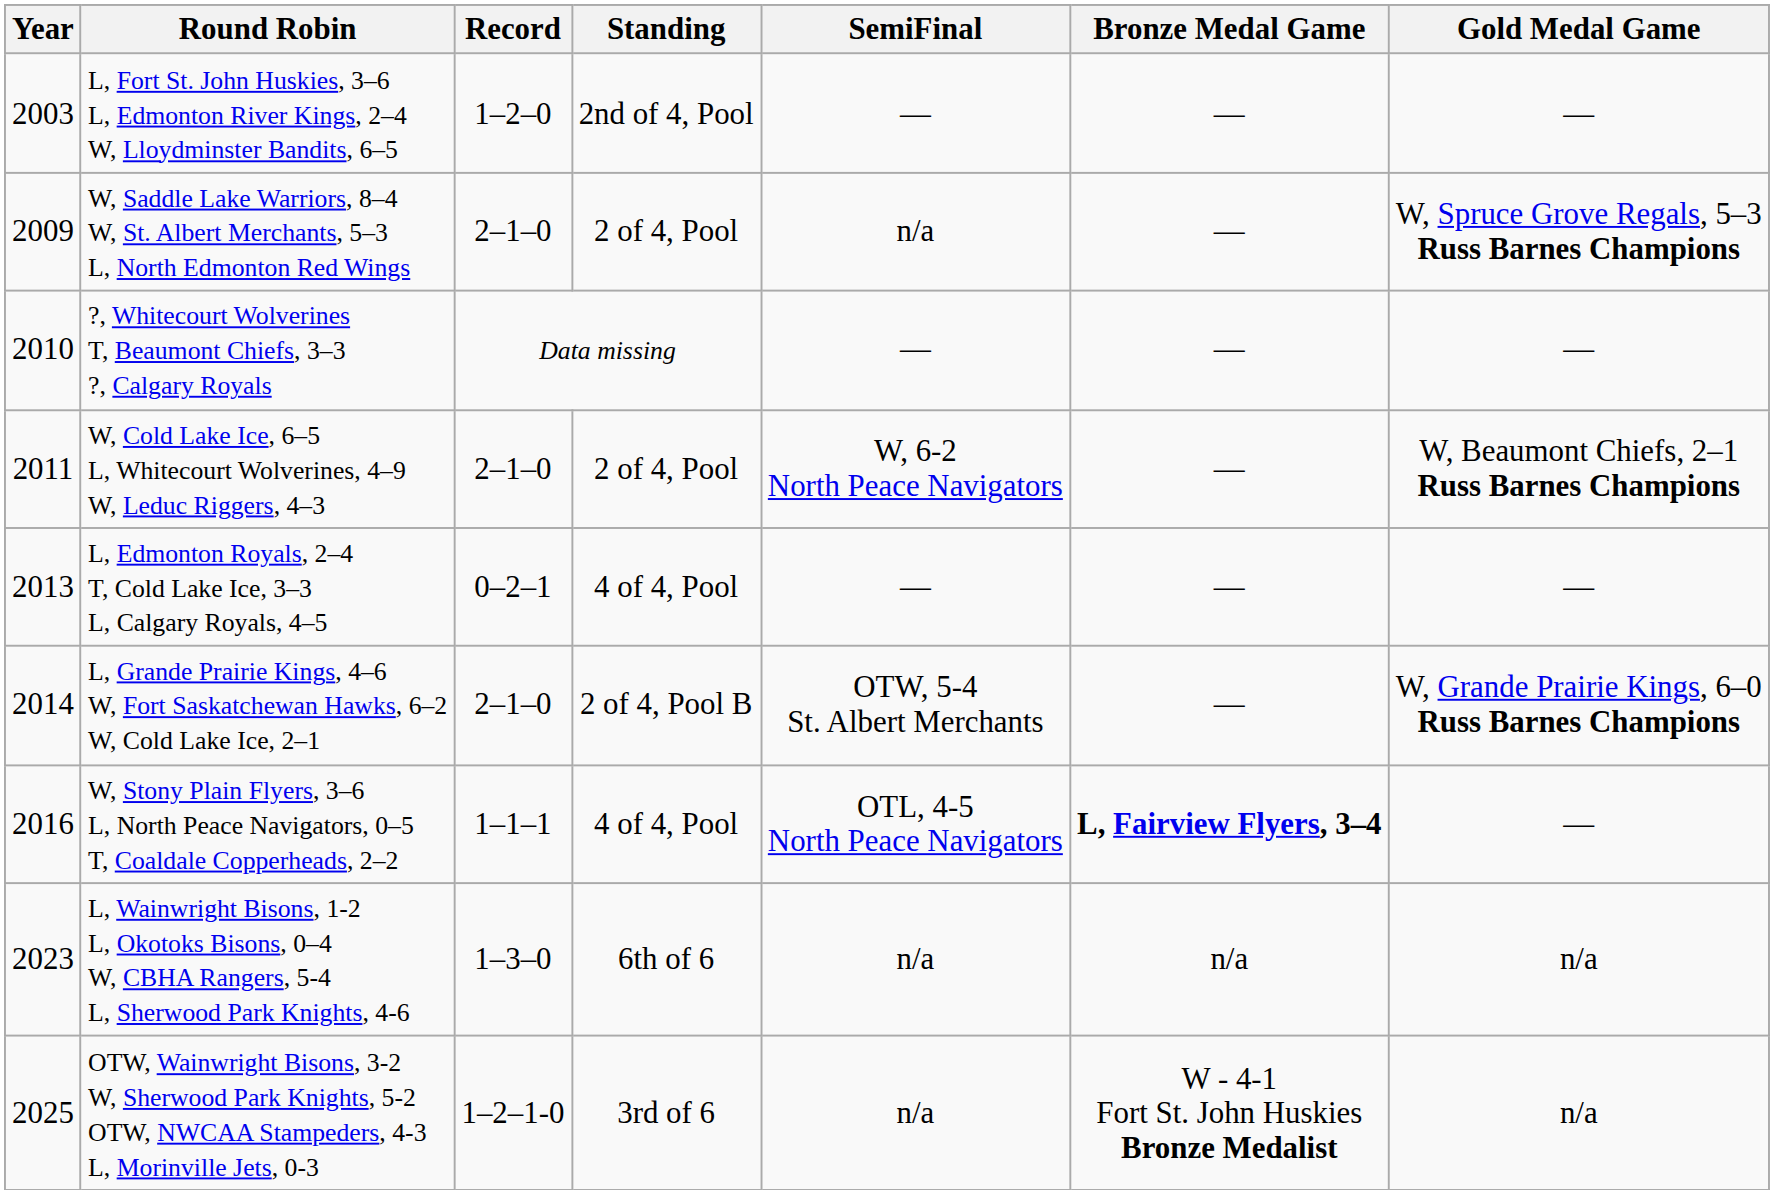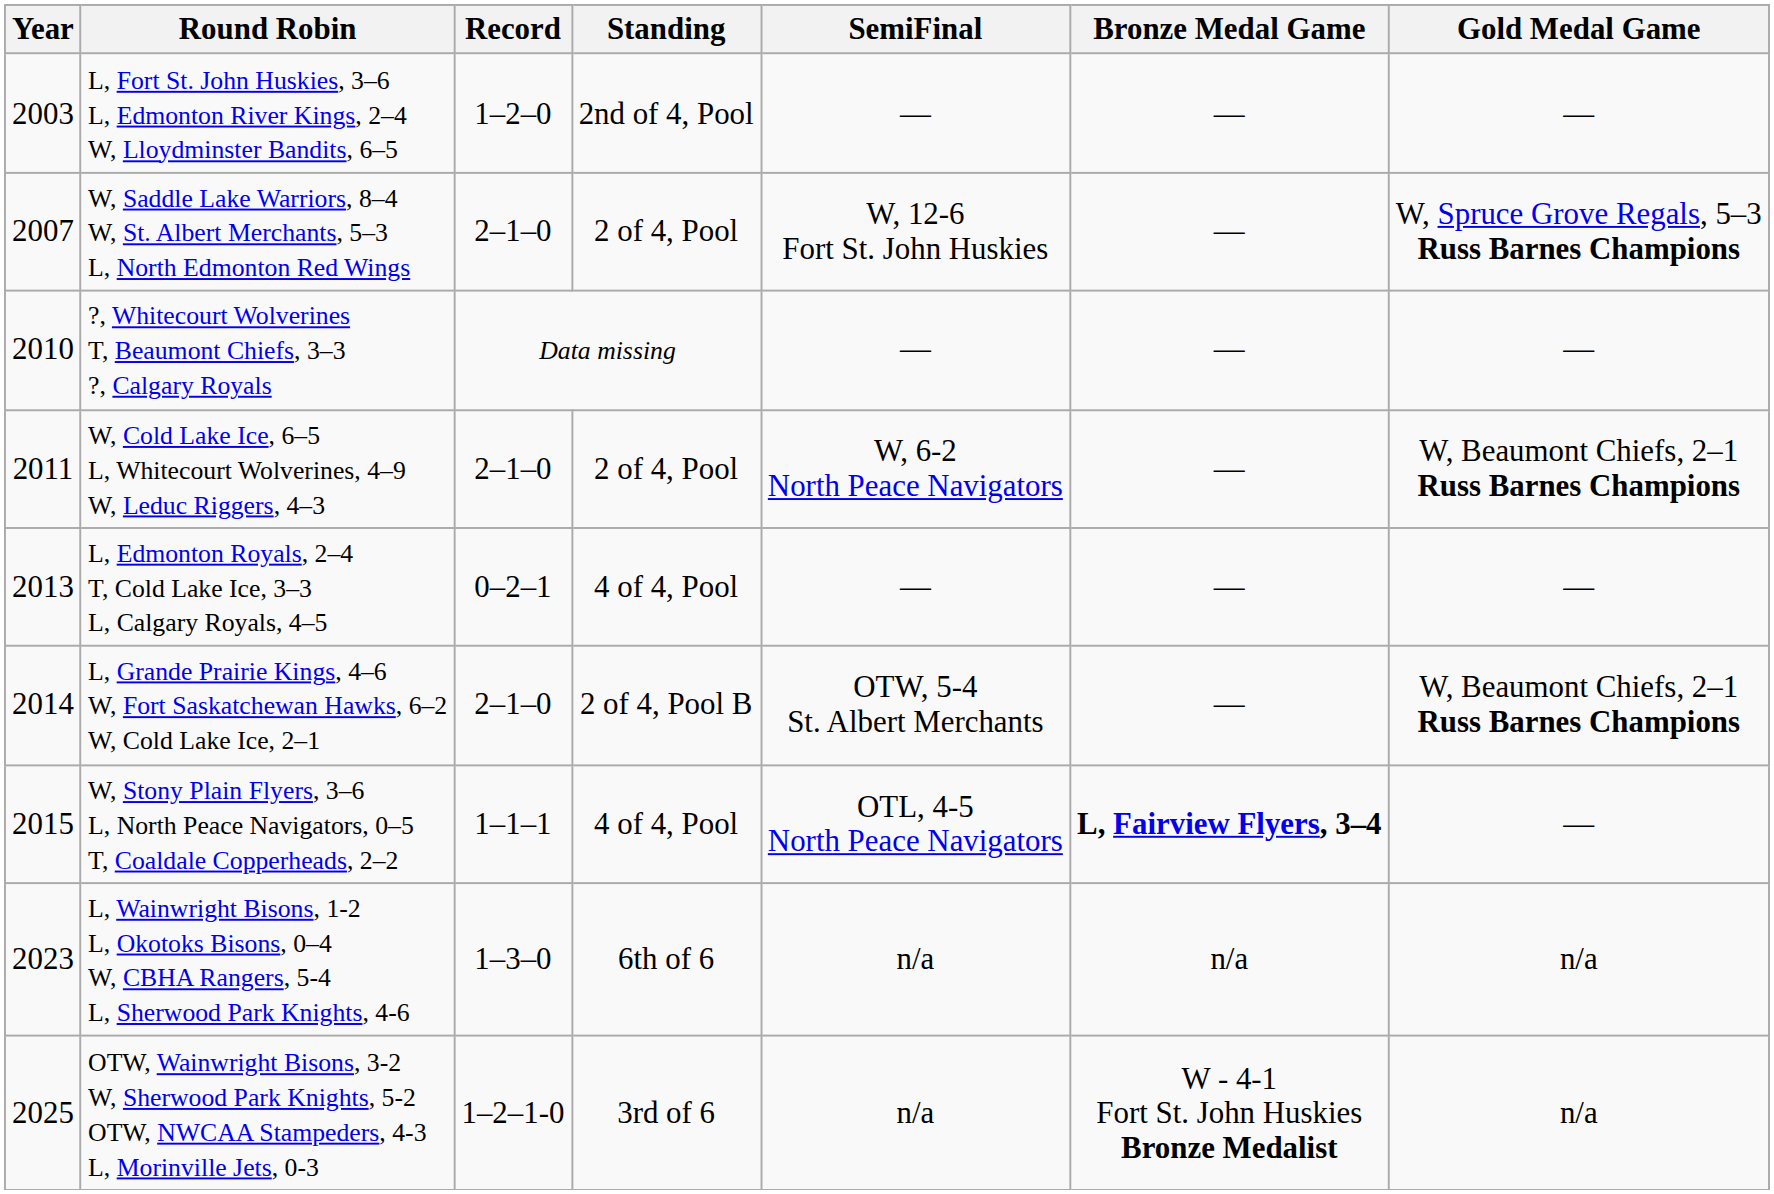 <table class="wikitable" style="text-align:center">
 <tr>
 <th>Year</th>
 <th>Round Robin</th>
 <th>Record</th>
 <th>Standing</th>
 <th>SemiFinal</th>
 <th>Bronze Medal Game</th>
 <th>Gold Medal Game</th>
 </tr>
 <tr>
 <td>2003</td>
 <td align=left><small> L, <a href='#'>Fort St. John Huskies</a>, 3–6 <br>L, <a href='#'>Edmonton River Kings</a>, 2–4<br>W, <a href='#'>Lloydminster Bandits</a>, 6–5</small></td>
 <td>1–2–0</td>
 <td>2nd of 4, Pool</td>
 <td>—</td>
 <td>—</td>
 <td>—</td>
 </tr>
 <tr>
-<td>2009</td>
+<td>2007</td>
 <td align=left><small> W, <a href='#'>Saddle Lake Warriors</a>, 8–4 <br>W, <a href='#'>St. Albert Merchants</a>, 5–3<br>L, <a href='#'>North Edmonton Red Wings</a> </small></td>
 <td>2–1–0</td>
 <td>2 of 4, Pool</td>
-<td>n/a</td>
+<td>W, 12-6<br> Fort St. John Huskies</td>
 <td>—</td>
 <td>W, <a href='#'>Spruce Grove Regals</a>, 5–3<br><strong>Russ Barnes Champions</strong></td>
 </tr>
 <tr>
 <td>2010</td>
 <td align=left><small> ?, <a href='#'>Whitecourt Wolverines</a><br>T, <a href='#'>Beaumont Chiefs</a>, 3–3<br>?, <a href='#'>Calgary Royals</a></small></td>
 <td colspan=2><small><em>Data missing</em></small></td>
 <td>—</td>
 <td>—</td>
 <td>—</td>
 </tr>
 <tr>
 <td>2011</td>
 <td align=left><small> W, <a href='#'>Cold Lake Ice</a>, 6–5<br>L, Whitecourt Wolverines, 4–9<br>W, <a href='#'>Leduc Riggers</a>, 4–3</small></td>
 <td>2–1–0</td>
 <td>2 of 4, Pool</td>
 <td>W,  6-2<br> <a href='#'>North Peace Navigators</a></td>
 <td>—</td>
 <td>W, Beaumont Chiefs, 2–1<br><strong>Russ Barnes Champions</strong></td>
 </tr>
 <tr>
 <td>2013</td>
 <td align=left><small> L, <a href='#'>Edmonton Royals</a>, 2–4<br>T, Cold Lake Ice, 3–3<br>L, Calgary Royals, 4–5</small></td>
 <td>0–2–1</td>
 <td>4 of 4, Pool</td>
 <td>—</td>
 <td>—</td>
 <td>—</td>
 </tr>
 <tr>
 <td>2014</td>
 <td align=left><small> L, <a href='#'>Grande Prairie Kings</a>, 4–6<br>W, <a href='#'>Fort Saskatchewan Hawks</a>, 6–2<br>W, Cold Lake Ice, 2–1</small></td>
 <td>2–1–0</td>
 <td>2 of 4, Pool B</td>
 <td>OTW,  5-4<br>St. Albert Merchants</td>
 <td>—</td>
-<td>W, <a href='#'>Grande Prairie Kings</a>, 6–0<br><strong>Russ Barnes Champions</strong></td>
+<td>W, Beaumont Chiefs, 2–1<br><strong>Russ Barnes Champions</strong></td>
 </tr>
 <tr>
-<td>2016</td>
+<td>2015</td>
 <td align=left><small> W, <a href='#'>Stony Plain Flyers</a>, 3–6<br>L, North Peace Navigators, 0–5<br>T, <a href='#'>Coaldale Copperheads</a>, 2–2</small></td>
 <td>1–1–1</td>
 <td>4 of 4, Pool</td>
 <td>OTL,  4-5<br><a href='#'>North Peace Navigators</a></td>
 <td><strong>L, <a href='#'>Fairview Flyers</a>, 3–4</strong></td>
 <td>—</td>
 </tr>
 <tr>
 <td>2023</td>
 <td align=left><small> L, <a href='#'>Wainwright Bisons</a>, 1-2<br>L, <a href='#'>Okotoks Bisons</a>, 0–4<br>W, <a href='#'>CBHA Rangers</a>, 5-4<br>L, <a href='#'>Sherwood Park Knights</a>, 4-6<br></small></td>
 <td>1–3–0</td>
 <td>6th of 6</td>
 <td>n/a</td>
 <td>n/a</td>
 <td>n/a</td>
 </tr>
 <tr>
 <td>2025</td>
 <td align=left><small> OTW, <a href='#'>Wainwright Bisons</a>, 3-2<br>W, <a href='#'>Sherwood Park Knights</a>, 5-2<br>OTW, <a href='#'>NWCAA Stampeders</a>, 4-3<br>L, <a href='#'>Morinville Jets</a>, 0-3<br></small></td>
 <td>1–2–1-0</td>
 <td>3rd of 6</td>
 <td>n/a</td>
 <td>W - 4-1 <br>Fort St. John Huskies<br><strong>Bronze Medalist</strong></td>
 <td>n/a</td>
 </tr>
 </table>
